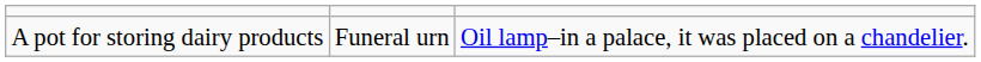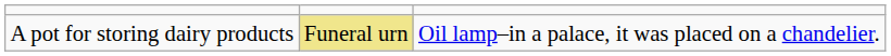 <table Class = "wikitable" style="text-align:center">
 <tr>
 <td></td>
 <td></td>
 <td></td>
 </tr>
 <tr>
 <td>A pot for storing dairy products</td>
-<td>Funeral urn</td>
+<td style="background: khaki;">Funeral urn</td>
 <td><a href='#'>Oil lamp</a>–in a palace, it was placed on a <a href='#'>chandelier</a>.</td>
 </tr>
 </table>
